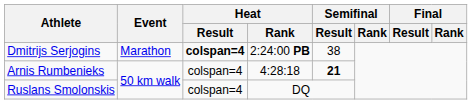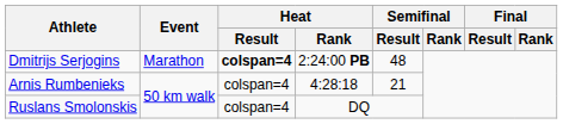 <table class="wikitable"  style=font-size:90%>
 <tr>
 <th rowspan="2">Athlete</th>
 <th rowspan="2">Event</th>
 <th colspan="2">Heat</th>
 <th colspan="2">Semifinal</th>
 <th colspan="2">Final</th>
 </tr>
 <tr>
 <th>Result</th>
 <th>Rank</th>
 <th>Result</th>
 <th>Rank</th>
 <th>Result</th>
 <th>Rank</th>
 </tr>
 <tr style=text-align:center>
 <td style=text-align:left><a href='#'>Dmitrijs Serjogins</a></td>
 <td style=text-align:left><a href='#'>Marathon</a></td>
 <td><strong>colspan=4</strong></td>
 <td>2:24:00 <strong>PB</strong></td>
-<td>38</td>
+<td>48</td>
 </tr>
 <tr style=text-align:center>
 <td style=text-align:left><a href='#'>Arnis Rumbenieks</a></td>
 <td style=text-align:left rowspan=2><a href='#'>50 km walk</a></td>
 <td>colspan=4</td>
 <td>4:28:18</td>
-<td><strong>21</strong></td>
+<td>21</td>
 </tr>
 <tr style=text-align:center>
 <td style=text-align:left><a href='#'>Ruslans Smolonskis</a></td>
 <td>colspan=4</td>
 <td colspan=2>DQ</td>
 </tr>
 </table>
